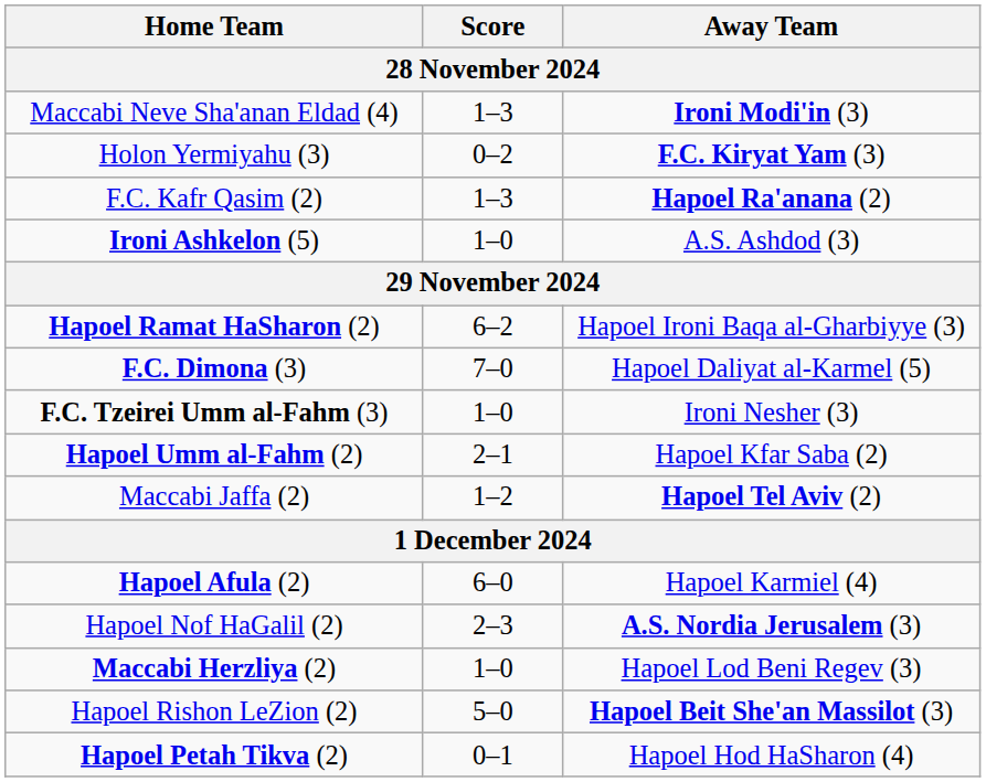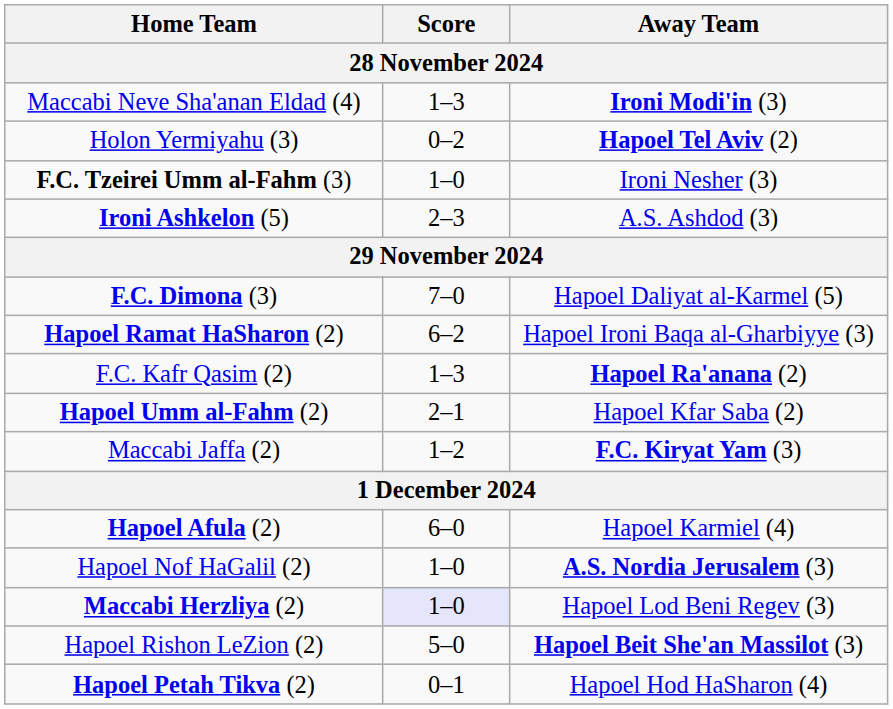 <table class="wikitable" style="text-align: center;">
 <tr>
 <th width="240px">Home Team</th>
 <th width="75px">Score</th>
 <th width="240px">Away Team</th>
 </tr>
 <tr>
 <th colspan=3>28 November 2024</th>
 </tr>
 <tr>
 <td><a href='#'>Maccabi Neve Sha'anan Eldad</a> (4)</td>
 <td>1–3</td>
 <td><strong><a href='#'>Ironi Modi'in</a></strong> (3)</td>
 </tr>
 <tr>
 <td><a href='#'>Holon Yermiyahu</a> (3)</td>
 <td>0–2</td>
-<td><strong><a href='#'>F.C. Kiryat Yam</a></strong> (3)</td>
+<td><strong><a href='#'>Hapoel Tel Aviv</a></strong> (2)</td>
 </tr>
 <tr>
-<td><a href='#'>F.C. Kafr Qasim</a> (2)</td>
-<td>1–3</td>
-<td><strong><a href='#'>Hapoel Ra'anana</a></strong> (2)</td>
+<td><strong>F.C. Tzeirei Umm al-Fahm</strong> (3)</td>
+<td>1–0</td>
+<td><a href='#'>Ironi Nesher</a> (3)</td>
 </tr>
 <tr>
 <td><strong><a href='#'>Ironi Ashkelon</a></strong> (5)</td>
-<td>1–0</td>
+<td>2–3</td>
 <td><a href='#'>A.S. Ashdod</a> (3)</td>
 </tr>
 <tr>
 <th colspan=3>29 November 2024</th>
+</tr>
+<tr>
+<td><strong><a href='#'>F.C. Dimona</a></strong> (3)</td>
+<td>7–0</td>
+<td><a href='#'>Hapoel Daliyat al-Karmel</a> (5)</td>
 </tr>
 <tr>
 <td><strong><a href='#'>Hapoel Ramat HaSharon</a></strong> (2)</td>
 <td>6–2</td>
 <td><a href='#'>Hapoel Ironi Baqa al-Gharbiyye</a> (3)</td>
 </tr>
 <tr>
-<td><strong><a href='#'>F.C. Dimona</a></strong> (3)</td>
-<td>7–0</td>
-<td><a href='#'>Hapoel Daliyat al-Karmel</a> (5)</td>
-</tr>
-<tr>
-<td><strong>F.C. Tzeirei Umm al-Fahm</strong> (3)</td>
-<td>1–0</td>
-<td><a href='#'>Ironi Nesher</a> (3)</td>
+<td><a href='#'>F.C. Kafr Qasim</a> (2)</td>
+<td>1–3</td>
+<td><strong><a href='#'>Hapoel Ra'anana</a></strong> (2)</td>
 </tr>
 <tr>
 <td><strong><a href='#'>Hapoel Umm al-Fahm</a></strong> (2)</td>
 <td>2–1</td>
 <td><a href='#'>Hapoel Kfar Saba</a> (2)</td>
 </tr>
 <tr>
 <td><a href='#'>Maccabi Jaffa</a> (2)</td>
 <td>1–2</td>
-<td><strong><a href='#'>Hapoel Tel Aviv</a></strong> (2)</td>
+<td><strong><a href='#'>F.C. Kiryat Yam</a></strong> (3)</td>
 </tr>
 <tr>
 <th colspan=3>1 December 2024</th>
 </tr>
 <tr>
 <td><strong><a href='#'>Hapoel Afula</a></strong> (2)</td>
 <td>6–0</td>
 <td><a href='#'>Hapoel Karmiel</a> (4)</td>
 </tr>
 <tr>
 <td><a href='#'>Hapoel Nof HaGalil</a> (2)</td>
-<td>2–3</td>
+<td>1–0</td>
 <td><strong><a href='#'>A.S. Nordia Jerusalem</a></strong> (3)</td>
 </tr>
 <tr>
 <td><strong><a href='#'>Maccabi Herzliya</a></strong> (2)</td>
-<td>1–0</td>
+<td style="background: lavender;">1–0</td>
 <td><a href='#'>Hapoel Lod Beni Regev</a> (3)</td>
 </tr>
 <tr>
 <td><a href='#'>Hapoel Rishon LeZion</a> (2)</td>
 <td>5–0</td>
 <td><strong><a href='#'>Hapoel Beit She'an Massilot</a></strong> (3)</td>
 </tr>
 <tr>
 <td><strong><a href='#'>Hapoel Petah Tikva</a></strong> (2)</td>
 <td>0–1</td>
 <td><a href='#'>Hapoel Hod HaSharon</a> (4)</td>
 </tr>
 </table>
